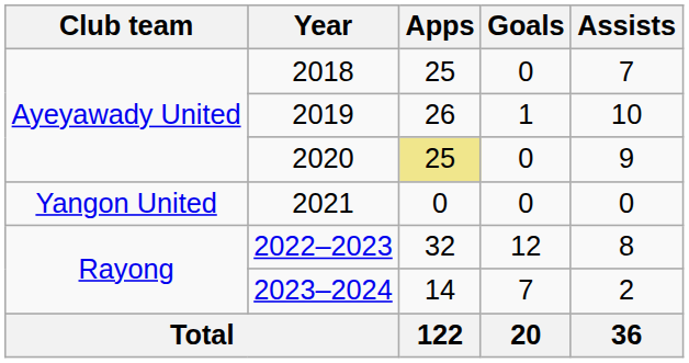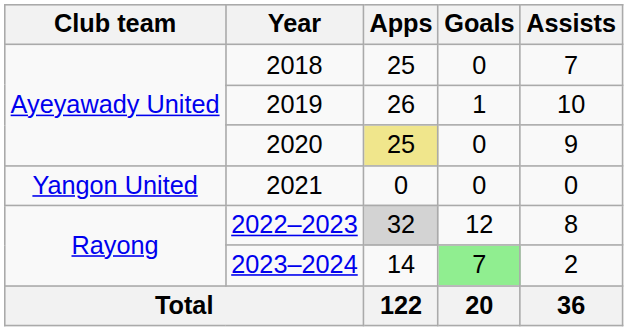 <table class="wikitable" style="text-align: center;">
 <tr>
 <th>Club team</th>
 <th>Year</th>
 <th>Apps</th>
 <th>Goals</th>
 <th>Assists</th>
 </tr>
 <tr>
 <td rowspan="3"><a href='#'>Ayeyawady United</a></td>
 <td>2018</td>
 <td>25</td>
 <td>0</td>
 <td>7</td>
 </tr>
 <tr>
 <td>2019</td>
 <td>26</td>
 <td>1</td>
 <td>10</td>
 </tr>
 <tr>
 <td>2020</td>
 <td style="background: khaki;">25</td>
 <td>0</td>
 <td>9</td>
 </tr>
 <tr>
 <td rowspan="1"><a href='#'>Yangon United</a></td>
 <td>2021</td>
 <td>0</td>
 <td>0</td>
 <td>0</td>
 </tr>
 <tr>
 <td rowspan="2"><a href='#'>Rayong</a></td>
 <td><a href='#'>2022–2023</a></td>
-<td>32</td>
+<td style="background: lightgrey;">32</td>
 <td>12</td>
 <td>8</td>
 </tr>
 <tr>
 <td><a href='#'>2023–2024</a></td>
 <td>14</td>
-<td>7</td>
+<td style="background: lightgreen;">7</td>
 <td>2</td>
 </tr>
 <tr>
 <th colspan="2">Total</th>
 <th>122</th>
 <th>20</th>
 <th>36</th>
 </tr>
 </table>
